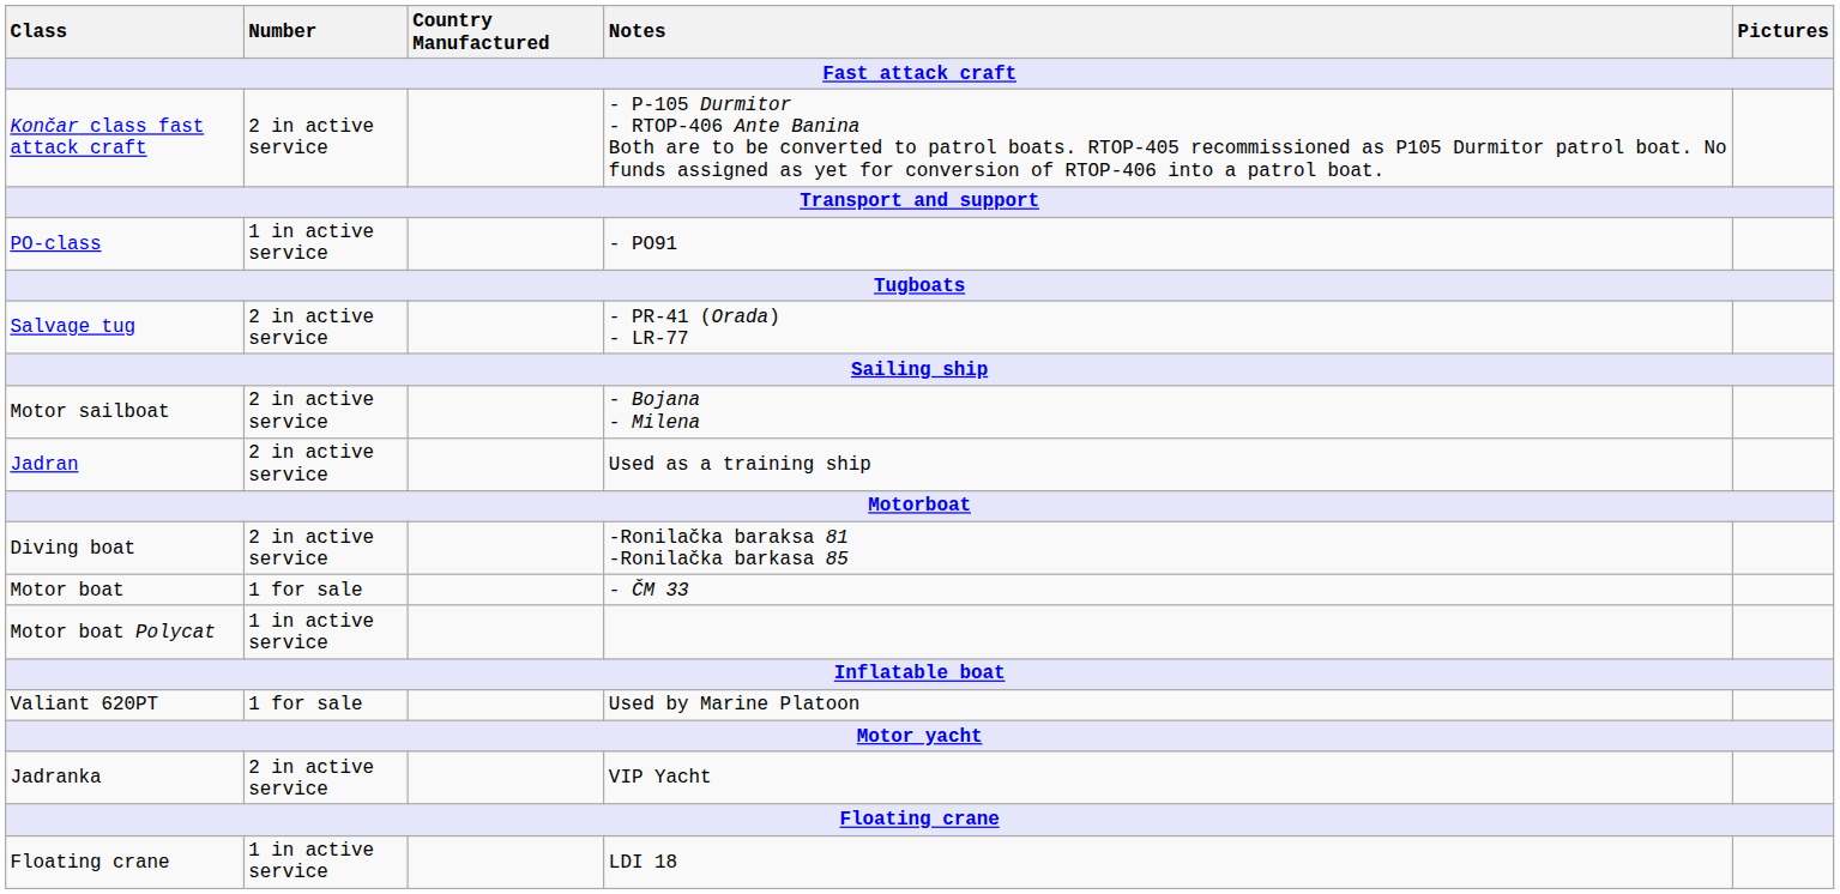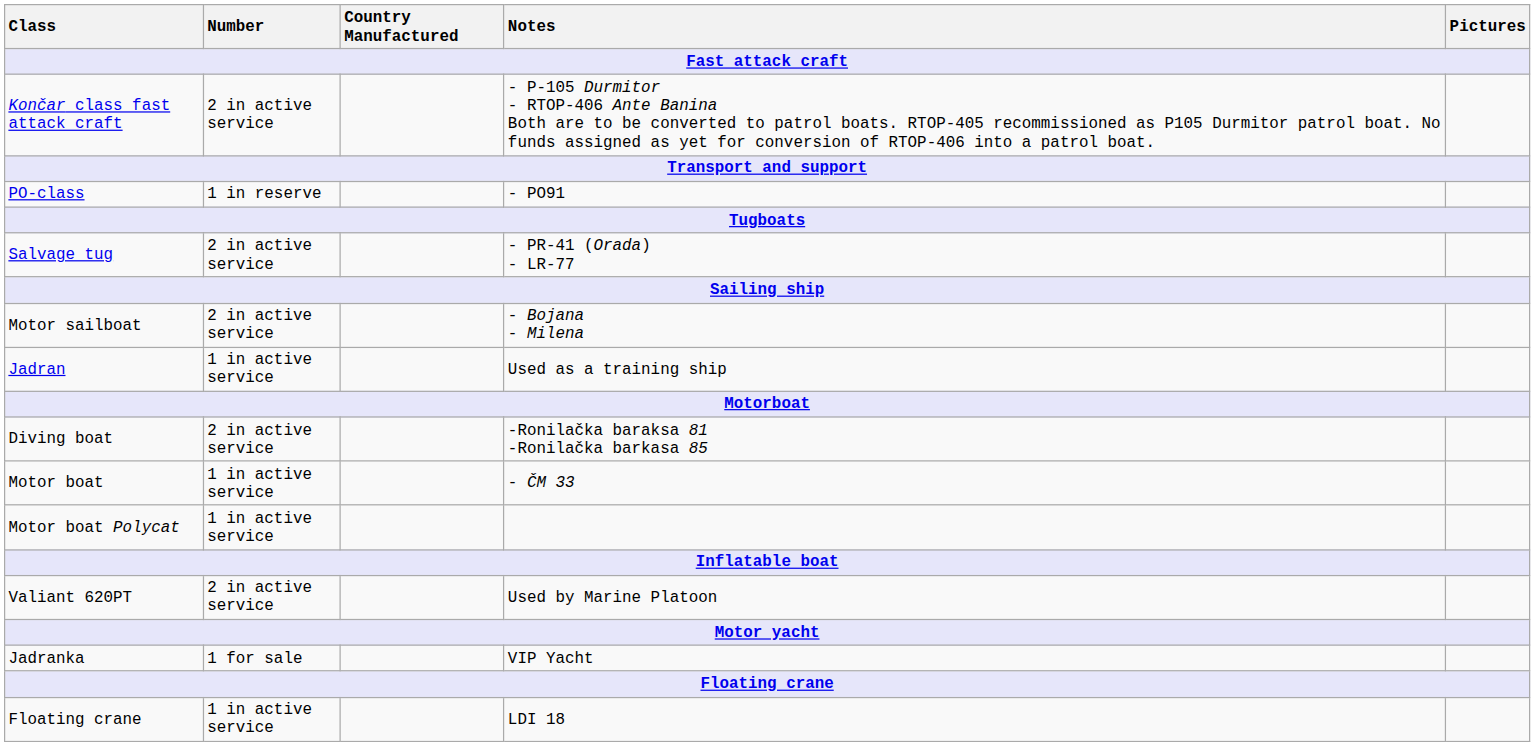 <table class="wikitable">
 <tr>
 <th style="text-align: left;">Class</th>
 <th style="text-align: left;">Number</th>
 <th style="text-align: left;">Country Manufactured</th>
 <th style="text-align: left;">Notes</th>
 <th style="text-align: left;">Pictures</th>
 </tr>
 <tr>
 <th style="align: center; background: lavender;" colspan="8"><a href='#'>Fast attack craft</a></th>
 </tr>
 <tr>
 <td><a href='#'><em>Končar</em> class fast attack craft</a></td>
 <td>2 in active service</td>
 <td></td>
 <td>- P-105 <em>Durmitor</em><br> - RTOP-406 <em>Ante Banina</em><br>Both are to be converted to patrol boats. RTOP-405 recommissioned as P105 Durmitor patrol boat.  No funds assigned as yet for conversion of RTOP-406 into a patrol boat.</td>
 <td></td>
 </tr>
 <tr>
 <th style="align: center; background: lavender;" colspan="8"><a href='#'>Transport and support</a></th>
 </tr>
 <tr>
 <td><a href='#'>PO-class</a></td>
-<td>1 in active service</td>
+<td>1 in reserve</td>
 <td></td>
 <td>- PO91</td>
 <td></td>
 </tr>
 <tr>
 <th style="align: center; background: lavender;" colspan="8"><a href='#'>Tugboats</a></th>
 </tr>
 <tr>
 <td><a href='#'>Salvage tug</a></td>
 <td>2 in active service</td>
 <td></td>
 <td>- PR-41 (<em>Orada</em>)<br>- LR-77</td>
 <td></td>
 </tr>
 <tr>
 <th style="align: center; background: lavender;" colspan="8"><a href='#'>Sailing ship</a></th>
 </tr>
 <tr>
 <td>Motor sailboat</td>
 <td>2 in active service</td>
 <td></td>
 <td>- <em>Bojana</em><br>- <em>Milena</em></td>
 <td></td>
 </tr>
 <tr>
 <td><a href='#'>Jadran</a></td>
-<td>2 in active service</td>
+<td>1 in active service</td>
 <td></td>
 <td>Used as a training ship</td>
 <td></td>
 </tr>
 <tr>
 <th style="align: center; background: lavender;" colspan="8"><a href='#'>Motorboat</a></th>
 </tr>
 <tr>
 <td>Diving boat</td>
 <td>2 in active service</td>
 <td></td>
 <td>-Ronilačka baraksa <em>81</em><br>-Ronilačka barkasa <em>85</em></td>
 <td></td>
 </tr>
 <tr>
 <td>Motor boat</td>
-<td>1 for sale </td>
+<td>1 in active service</td>
 <td></td>
 <td>- <em>ČM 33</em></td>
 <td></td>
 </tr>
 <tr>
 <td>Motor boat <em>Polycat</em></td>
 <td>1 in active service</td>
 <td></td>
 <td></td>
 <td></td>
 </tr>
 <tr>
 <th style="align: center; background: lavender;" colspan="8"><a href='#'>Inflatable boat</a></th>
 </tr>
 <tr>
 <td>Valiant 620PT</td>
-<td>1 for sale </td>
+<td>2 in active service</td>
 <td></td>
 <td>Used by Marine Platoon</td>
 <td></td>
 </tr>
 <tr>
 <th style="align: center; background: lavender;" colspan="8"><a href='#'>Motor yacht</a></th>
 </tr>
 <tr>
 <td>Jadranka</td>
-<td>2 in active service</td>
+<td>1 for sale </td>
 <td></td>
 <td>VIP Yacht</td>
 <td></td>
 </tr>
 <tr>
 <th style="align: center; background: lavender;" colspan="8"><a href='#'>Floating crane</a></th>
 </tr>
 <tr>
 <td>Floating crane</td>
 <td>1 in active service</td>
 <td></td>
 <td>LDI 18</td>
 <td></td>
 </tr>
 </table>
